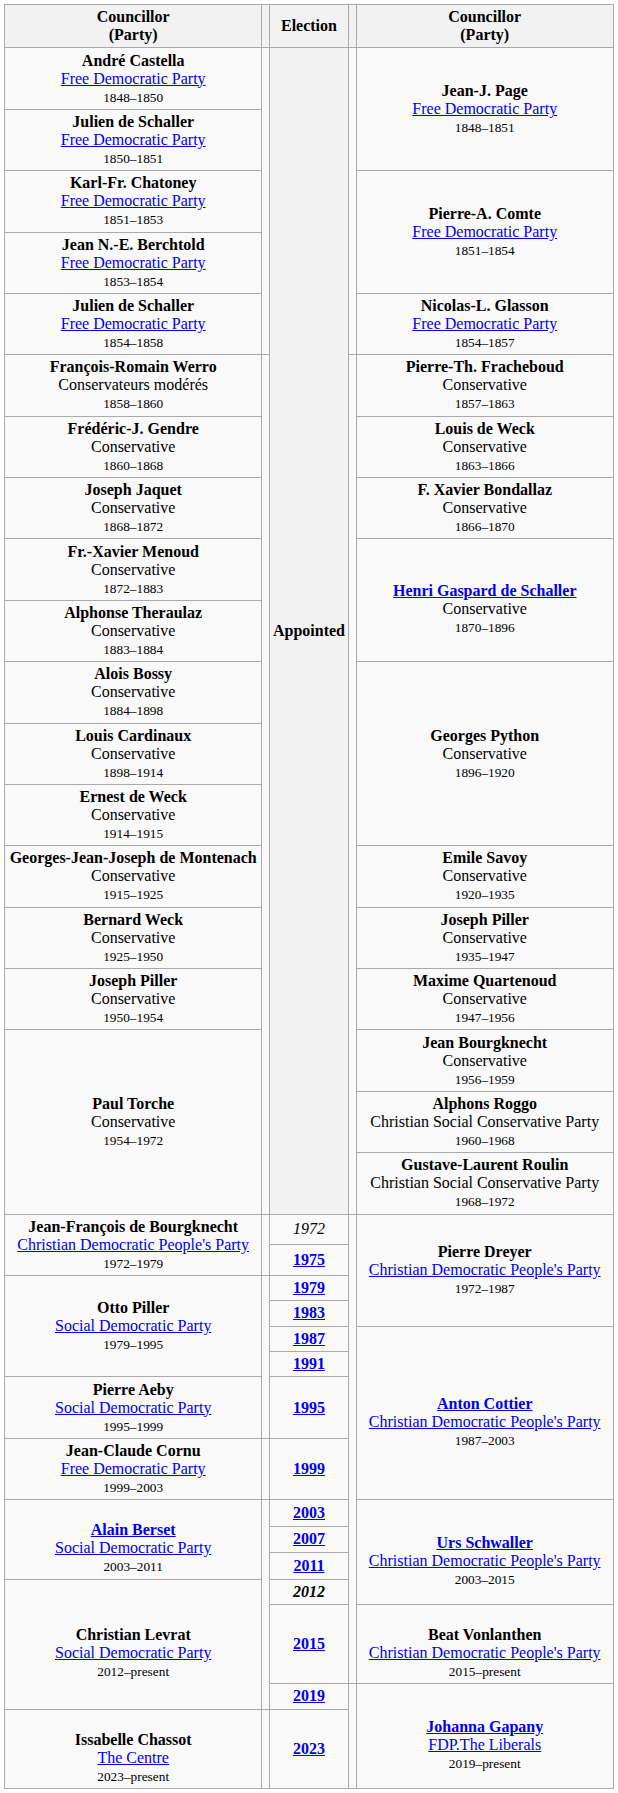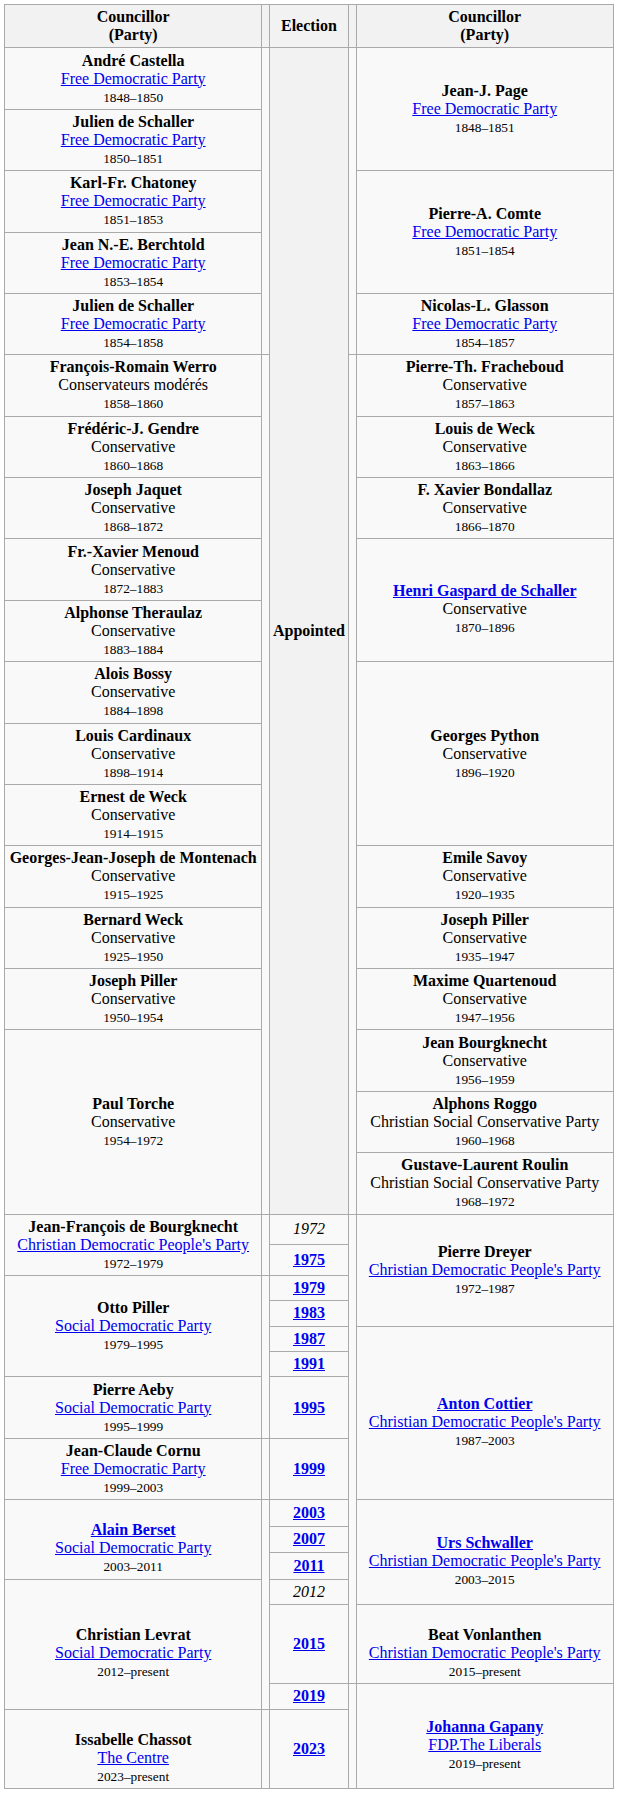 <table class="wikitable" style="text-align:center">
 <tr>
 <th scope="col" width="250" colspan = "1">Councillor<br> (Party)</th>
 <th></th>
 <th>Election</th>
 <th></th>
 <th scope="col" width="250" colspan = "1">Councillor<br> (Party)</th>
 </tr>
 <tr>
 <td rowspan=1><strong>André Castella</strong><br><a href='#'>Free Democratic Party</a><br><small>1848–1850</small></td>
 <td rowspan=6; style="background-color: "></td>
 <th rowspan=28>Appointed</th>
 <td rowspan=5; style="background-color: "></td>
 <td rowspan=2><strong>Jean-J. Page</strong><br><a href='#'>Free Democratic Party</a><br><small>1848–1851</small></td>
 </tr>
 <tr>
 <td rowspan=1><strong>Julien de Schaller</strong><br><a href='#'>Free Democratic Party</a><br><small>1850–1851</small></td>
 </tr>
 <tr>
 <td rowspan=1><strong>Karl-Fr. Chatoney</strong><br><a href='#'>Free Democratic Party</a><br><small>1851–1853</small></td>
 <td rowspan=2><strong>Pierre-A. Comte</strong><br><a href='#'>Free Democratic Party</a><br><small>1851–1854</small></td>
 </tr>
 <tr>
 <td rowspan=1><strong>Jean N.-E. Berchtold</strong><br><a href='#'>Free Democratic Party</a><br><small>1853–1854</small></td>
 </tr>
 <tr>
 <td rowspan=2><strong>Julien de Schaller</strong><br><a href='#'>Free Democratic Party</a><br><small>1854–1858</small></td>
 <td rowspan=1><strong>Nicolas-L. Glasson</strong><br><a href='#'>Free Democratic Party</a><br><small>1854–1857</small></td>
 </tr>
 <tr>
 <td rowspan=23; style="background-color: "></td>
 <td rowspan=2><strong>Pierre-Th. Fracheboud</strong><br>Conservative<br><small>1857–1863</small></td>
 </tr>
 <tr>
 <td rowspan=1><strong>François-Romain Werro</strong><br>Conservateurs modérés<br><small>1858–1860</small></td>
 <td rowspan=22; style="background-color: "></td>
 </tr>
 <tr>
 <td rowspan=3><strong>Frédéric-J. Gendre</strong><br>Conservative<br><small>1860–1868</small></td>
 </tr>
 <tr>
 <td rowspan=1><strong>Louis de Weck</strong><br>Conservative<br><small>1863–1866</small></td>
 </tr>
 <tr>
 <td rowspan=2><strong>F. Xavier Bondallaz</strong><br>Conservative<br><small>1866–1870</small></td>
 </tr>
 <tr>
 <td rowspan=2><strong>Joseph Jaquet</strong><br>Conservative<br><small>1868–1872</small></td>
 </tr>
 <tr>
 <td rowspan=4><br><strong><a href='#'>Henri Gaspard de Schaller</a></strong><br>Conservative<br><small>1870–1896</small></td>
 </tr>
 <tr>
 <td rowspan=1><strong>Fr.-Xavier Menoud</strong><br>Conservative<br><small>1872–1883</small></td>
 </tr>
 <tr>
 <td rowspan=1><strong>Alphonse Theraulaz</strong><br>Conservative<br><small>1883–1884</small></td>
 </tr>
 <tr>
 <td rowspan=2><strong>Alois Bossy</strong><br>Conservative<br><small>1884–1898</small></td>
 </tr>
 <tr>
 <td rowspan=4><strong>Georges Python</strong><br>Conservative<br><small>1896–1920</small></td>
 </tr>
 <tr>
 <td rowspan=1><strong>Louis Cardinaux</strong><br>Conservative<br><small>1898–1914</small></td>
 </tr>
 <tr>
 <td rowspan=1><strong>Ernest de Weck</strong><br>Conservative<br><small>1914–1915</small></td>
 </tr>
 <tr>
 <td rowspan=2><strong>Georges-Jean-Joseph de Montenach</strong><br>Conservative<br><small>1915–1925</small></td>
 </tr>
 <tr>
 <td rowspan=2><strong>Emile Savoy</strong><br>Conservative<br><small>1920–1935</small></td>
 </tr>
 <tr>
 <td rowspan=3><strong>Bernard Weck</strong><br>Conservative<br><small>1925–1950</small></td>
 </tr>
 <tr>
 <td rowspan=1><strong>Joseph Piller</strong><br>Conservative<br><small>1935–1947</small></td>
 </tr>
 <tr>
 <td rowspan=3><strong>Maxime Quartenoud</strong><br>Conservative<br><small>1947–1956</small></td>
 </tr>
 <tr>
 <td rowspan=1><strong>Joseph Piller</strong><br>Conservative<br><small>1950–1954</small></td>
 </tr>
 <tr>
 <td rowspan=4><strong>Paul Torche</strong><br>Conservative<br><small>1954–1972</small></td>
 </tr>
 <tr>
 <td rowspan=1><strong>Jean Bourgknecht</strong><br>Conservative<br><small>1956–1959</small></td>
 </tr>
 <tr>
 <td rowspan=1><strong>Alphons Roggo</strong><br>Christian Social Conservative Party<br><small>1960–1968</small></td>
 </tr>
 <tr>
 <td rowspan=1><strong>Gustave-Laurent Roulin</strong><br>Christian Social Conservative Party<br><small>1968–1972</small></td>
 </tr>
 <tr>
 </tr>
 <tr>
 <td rowspan=2><strong>Jean-François de Bourgknecht</strong><br><a href='#'>Christian Democratic People's Party</a><br><small>1972–1979</small></td>
 <td rowspan=2; style="background-color: "></td>
 <td><em>1972</em></td>
 <td rowspan=13; style="background-color: "></td>
 <td rowspan=4><strong>Pierre Dreyer</strong><br><a href='#'>Christian Democratic People's Party</a><br><small>1972–1987</small></td>
 </tr>
 <tr>
 <td><strong><a href='#'>1975</a></strong></td>
 </tr>
 <tr>
 <td rowspan=4><strong>Otto Piller</strong><br><a href='#'>Social Democratic Party</a><br><small>1979–1995</small></td>
 <td rowspan=5; style="background-color: "></td>
 <td><strong><a href='#'>1979</a></strong></td>
 </tr>
 <tr>
 <td><strong><a href='#'>1983</a></strong></td>
 </tr>
 <tr>
 <td><strong><a href='#'>1987</a></strong></td>
 <td rowspan=4><br><strong><a href='#'>Anton Cottier</a></strong><br><a href='#'>Christian Democratic People's Party</a><br><small>1987–2003</small></td>
 </tr>
 <tr>
 <td><strong><a href='#'>1991</a></strong></td>
 </tr>
 <tr>
 <td rowspan=1><strong>Pierre Aeby</strong><br><a href='#'>Social Democratic Party</a><br><small>1995–1999</small></td>
 <td><strong><a href='#'>1995</a></strong></td>
 </tr>
 <tr>
 <td rowspan=1><strong>Jean-Claude Cornu</strong><br><a href='#'>Free Democratic Party</a><br><small>1999–2003</small></td>
 <td rowspan=1; style="background-color: "></td>
 <td><strong><a href='#'>1999</a></strong></td>
 </tr>
 <tr>
 <td rowspan=3><br><strong><a href='#'>Alain Berset</a></strong><br><a href='#'>Social Democratic Party</a><br><small>2003–2011</small></td>
 <td rowspan=6; style="background-color: "></td>
 <td><strong><a href='#'>2003</a></strong></td>
 <td rowspan=4><br><strong><a href='#'>Urs Schwaller</a></strong><br><a href='#'>Christian Democratic People's Party</a><br><small>2003–2015</small></td>
 </tr>
 <tr>
 <td><strong><a href='#'>2007</a></strong></td>
 </tr>
 <tr>
 <td><strong><a href='#'>2011</a></strong></td>
 </tr>
 <tr>
 <td rowspan=3><br><strong>Christian Levrat</strong><br><a href='#'>Social Democratic Party</a><br><small>2012–present</small></td>
-<td><strong><em>2012</em></strong></td>
+<td><em>2012</em></td>
 </tr>
 <tr>
 <td><strong><a href='#'>2015</a></strong></td>
 <td rowspan=1><br><strong>Beat Vonlanthen</strong><br><a href='#'>Christian Democratic People's Party</a><br><small>2015–present</small></td>
 </tr>
 <tr>
 <td><strong><a href='#'>2019</a></strong></td>
 <td rowspan=2; style="background-color: "></td>
 <td rowspan=2><br><strong><a href='#'>Johanna Gapany</a></strong><br><a href='#'>FDP.The Liberals</a><br><small>2019–present</small></td>
 </tr>
 <tr>
 <td rowspan=1><br><strong>Issabelle Chassot</strong><br><a href='#'>The Centre</a><br><small>2023–present</small></td>
 <td rowspan=1; style="background-color: "></td>
 <td><strong><a href='#'>2023</a></strong></td>
 </tr>
 </table>
